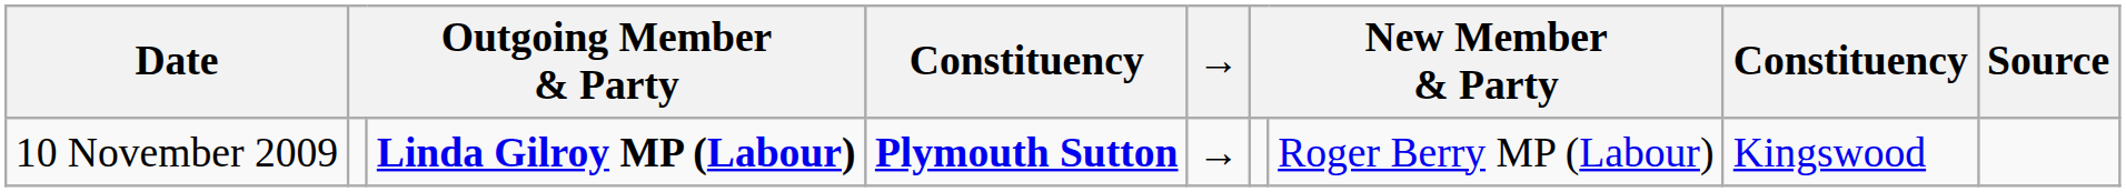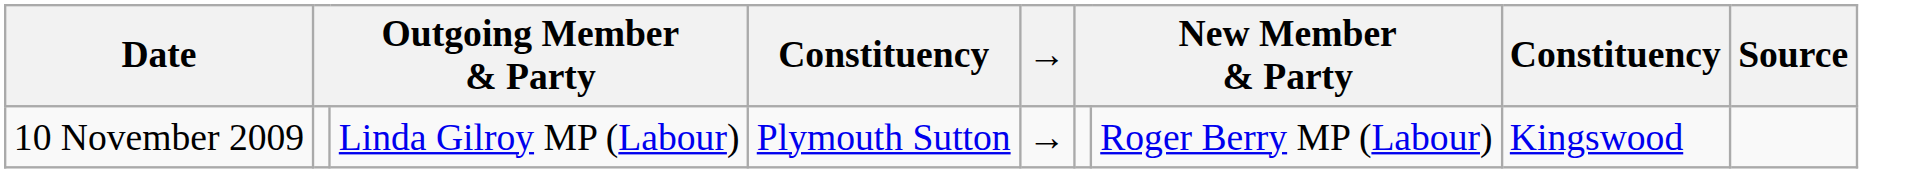 <table class="wikitable">
 <tr>
 <th colspan="1">Date</th>
 <th colspan="2">Outgoing Member<br>& Party</th>
 <th colspan="1">Constituency</th>
 <th colspan="1">→</th>
 <th colspan="2">New Member<br>& Party</th>
 <th colspan="1">Constituency</th>
 <th colspan="1">Source</th>
 </tr>
 <tr>
 <td>10 November 2009</td>
 <td style="color:inherit;background:"></td>
-<td><strong><a href='#'>Linda Gilroy</a> MP (<a href='#'>Labour</a>)</strong></td>
-<td><strong><a href='#'>Plymouth Sutton</a></strong></td>
+<td><a href='#'>Linda Gilroy</a> MP (<a href='#'>Labour</a>)</td>
+<td><a href='#'>Plymouth Sutton</a></td>
 <td>→</td>
 <td style="color:inherit;background:"></td>
 <td><a href='#'>Roger Berry</a> MP (<a href='#'>Labour</a>)</td>
 <td><a href='#'>Kingswood</a></td>
 <td></td>
 </tr>
 </table>
